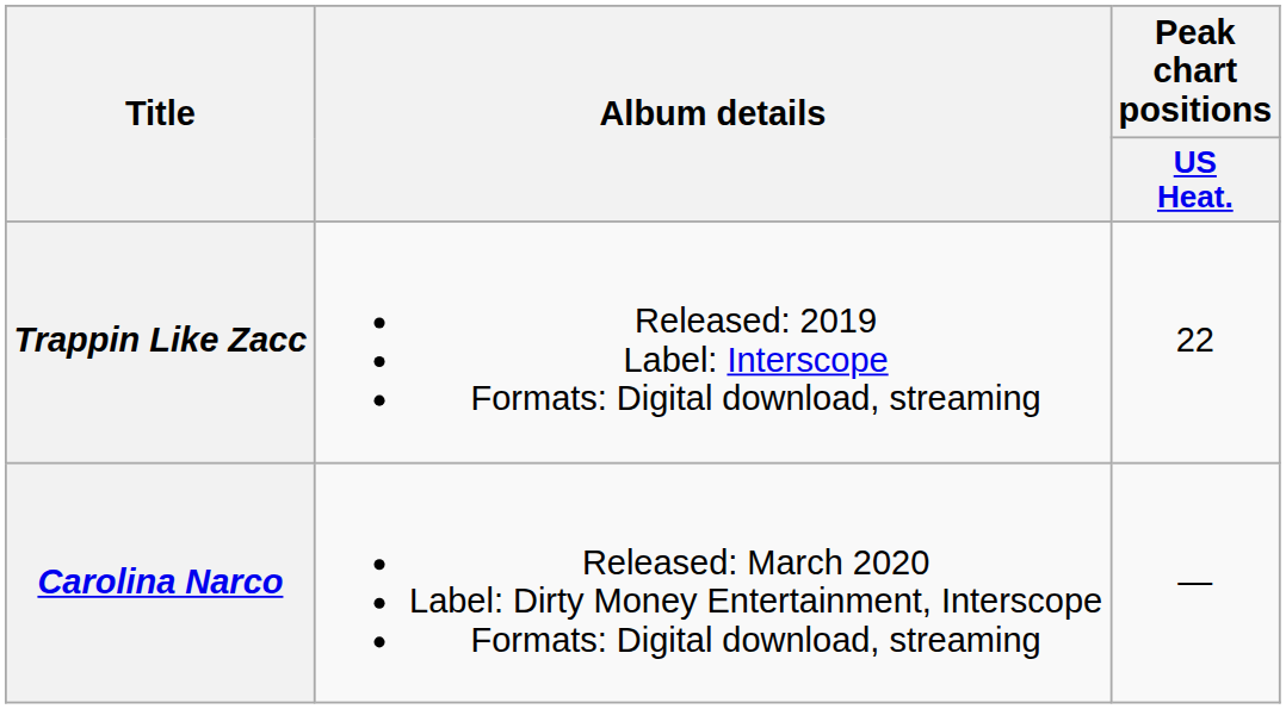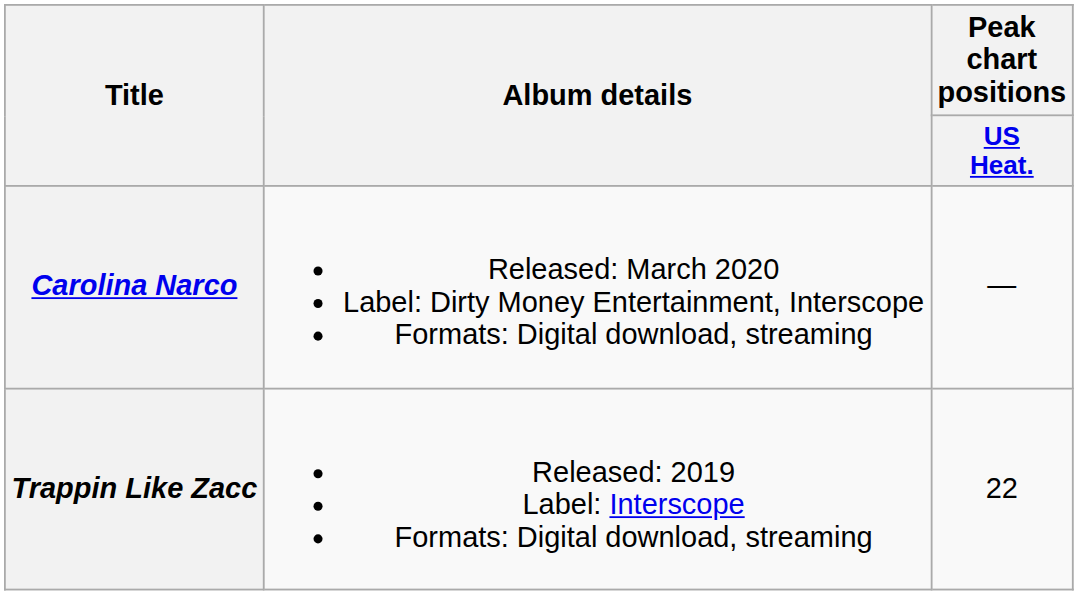 <table class="wikitable plainrowheaders" style="text-align:center;">
 <tr>
 <th scope="col" rowspan="2">Title</th>
 <th scope="col" rowspan="2">Album details</th>
 <th scope="col">Peak chart positions</th>
 </tr>
 <tr>
 <th scope="col" style="width:3em;font-size:90%"><a href='#'>US<br>Heat.</a><br></th>
 </tr>
 <tr>
+<th scope="row"><em><a href='#'>Carolina Narco</a></em></th>
+<td><br><ul><li>Released: March 2020</li><li>Label: Dirty Money Entertainment, Interscope</li><li>Formats: Digital download, streaming</li></ul></td>
+<td>—</td>
+</tr>
+<tr>
 <th scope="row"><em>Trappin Like Zacc</em></th>
 <td><br><ul><li>Released: 2019</li><li>Label: <a href='#'>Interscope</a></li><li>Formats: Digital download, streaming</li></ul></td>
 <td>22</td>
 </tr>
-<tr>
-<th scope="row"><em><a href='#'>Carolina Narco</a></em></th>
-<td><br><ul><li>Released: March 2020</li><li>Label: Dirty Money Entertainment, Interscope</li><li>Formats: Digital download, streaming</li></ul></td>
-<td>—</td>
-</tr>
 </table>
